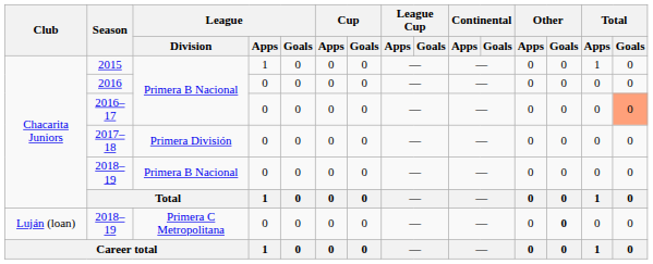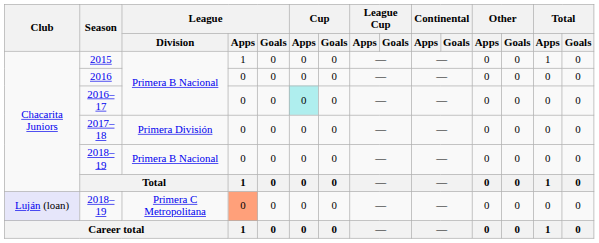 <table class="wikitable" style="text-align:center">
 <tr>
 <th rowspan="2">Club</th>
 <th rowspan="2">Season</th>
 <th colspan="3">League</th>
 <th colspan="2">Cup</th>
 <th colspan="2">League Cup</th>
 <th colspan="2">Continental</th>
 <th colspan="2">Other</th>
 <th colspan="2">Total</th>
 </tr>
 <tr>
 <th>Division</th>
 <th>Apps</th>
 <th>Goals</th>
 <th>Apps</th>
 <th>Goals</th>
 <th>Apps</th>
 <th>Goals</th>
 <th>Apps</th>
 <th>Goals</th>
 <th>Apps</th>
 <th>Goals</th>
 <th>Apps</th>
 <th>Goals</th>
 </tr>
 <tr>
 <td rowspan="6"><a href='#'>Chacarita Juniors</a></td>
 <td><a href='#'>2015</a></td>
 <td rowspan="3"><a href='#'>Primera B Nacional</a></td>
 <td>1</td>
 <td>0</td>
 <td>0</td>
 <td>0</td>
 <td colspan="2">—</td>
 <td colspan="2">—</td>
 <td>0</td>
 <td>0</td>
 <td>1</td>
 <td>0</td>
 </tr>
 <tr>
 <td><a href='#'>2016</a></td>
 <td>0</td>
 <td>0</td>
 <td>0</td>
 <td>0</td>
 <td colspan="2">—</td>
 <td colspan="2">—</td>
 <td>0</td>
 <td>0</td>
 <td>0</td>
 <td>0</td>
 </tr>
 <tr>
 <td><a href='#'>2016–17</a></td>
 <td>0</td>
 <td>0</td>
-<td>0</td>
+<td style="background: paleturquoise;">0</td>
 <td>0</td>
 <td colspan="2">—</td>
 <td colspan="2">—</td>
 <td>0</td>
 <td>0</td>
 <td>0</td>
-<td style="background: lightsalmon;">0</td>
+<td>0</td>
 </tr>
 <tr>
 <td><a href='#'>2017–18</a></td>
 <td rowspan="1"><a href='#'>Primera División</a></td>
 <td>0</td>
 <td>0</td>
 <td>0</td>
 <td>0</td>
 <td colspan="2">—</td>
 <td colspan="2">—</td>
 <td>0</td>
 <td>0</td>
 <td>0</td>
 <td>0</td>
 </tr>
 <tr>
 <td><a href='#'>2018–19</a></td>
 <td rowspan="1"><a href='#'>Primera B Nacional</a></td>
 <td>0</td>
 <td>0</td>
 <td>0</td>
 <td>0</td>
 <td colspan="2">—</td>
 <td colspan="2">—</td>
 <td>0</td>
 <td>0</td>
 <td>0</td>
 <td>0</td>
 </tr>
 <tr>
 <th colspan="2">Total</th>
 <th>1</th>
 <th>0</th>
 <th>0</th>
 <th>0</th>
 <th colspan="2">—</th>
 <th colspan="2">—</th>
 <th>0</th>
 <th>0</th>
 <th>1</th>
 <th>0</th>
 </tr>
 <tr>
-<td rowspan="1"><a href='#'>Luján</a> (loan)</td>
+<td rowspan="1" style="background: lavender;"><a href='#'>Luján</a> (loan)</td>
 <td><a href='#'>2018–19</a></td>
 <td rowspan="1"><a href='#'>Primera C Metropolitana</a></td>
-<td>0</td>
+<td style="background: lightsalmon;">0</td>
 <td>0</td>
 <td>0</td>
 <td>0</td>
 <td colspan="2">—</td>
 <td colspan="2">—</td>
 <td>0</td>
-<td><strong>0</strong></td>
+<td>0</td>
 <td>0</td>
 <td>0</td>
 </tr>
 <tr>
 <th colspan="3">Career total</th>
 <th>1</th>
 <th>0</th>
 <th>0</th>
 <th>0</th>
 <th colspan="2">—</th>
 <th colspan="2">—</th>
 <th>0</th>
 <th>0</th>
 <th>1</th>
 <th>0</th>
 </tr>
 </table>
